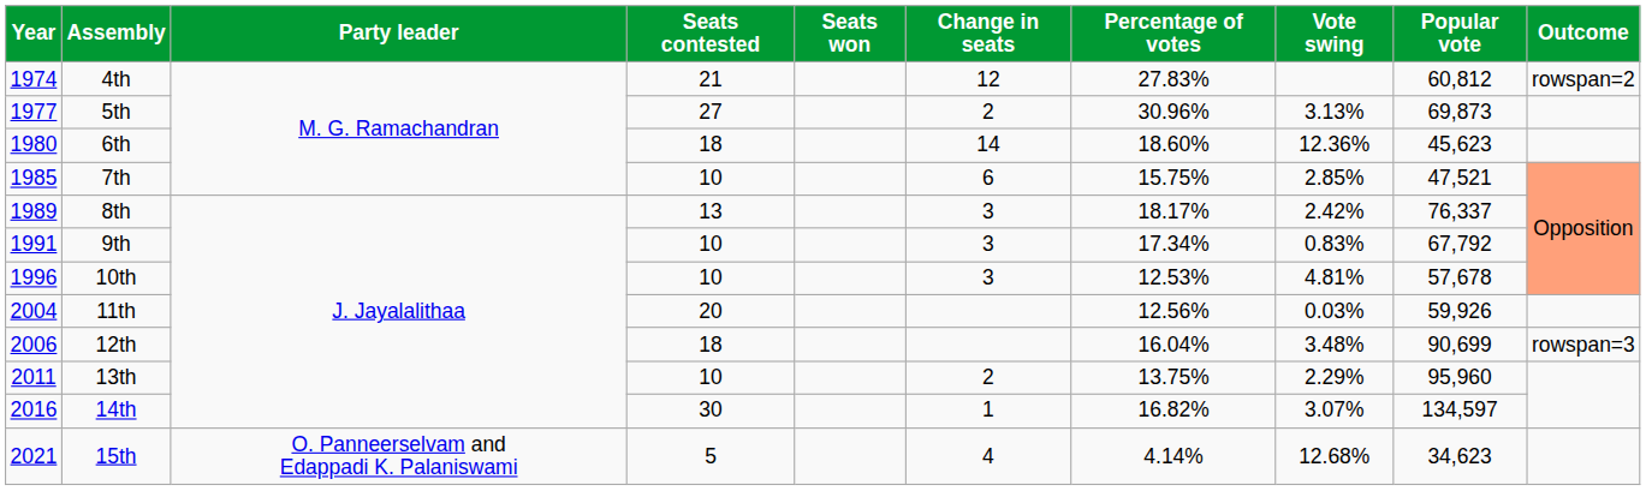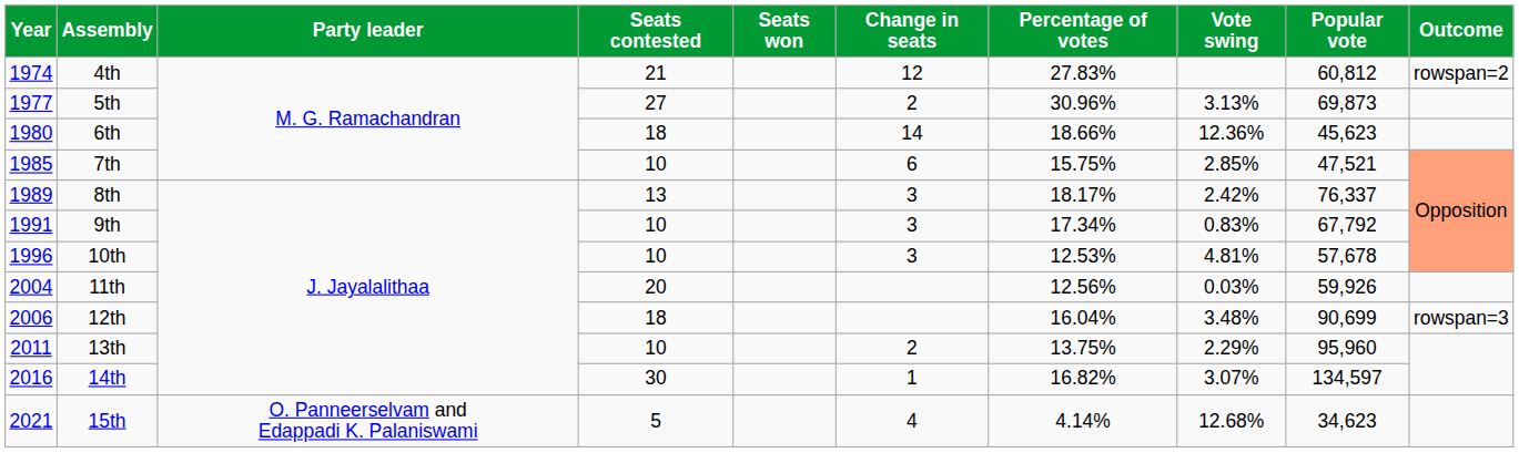 <table class="wikitable sortable" style="text-align:center;">
 <tr>
 <th style="background-color:#009933;color:white">Year</th>
 <th style="background-color:#009933;color:white">Assembly</th>
 <th style="background-color:#009933;color:white">Party leader</th>
 <th style="background-color:#009933;color:white">Seats contested</th>
 <th style="background-color:#009933;color:white">Seats won</th>
 <th style="background-color:#009933;color:white">Change in seats</th>
 <th style="background-color:#009933;color:white">Percentage of votes</th>
 <th style="background-color:#009933;color:white">Vote swing</th>
 <th style="background-color:#009933;color:white">Popular vote</th>
 <th style="background-color:#009933;color:white">Outcome</th>
 </tr>
 <tr>
 <td><a href='#'>1974</a></td>
 <td>4th</td>
 <td rowspan=4><a href='#'>M. G. Ramachandran</a></td>
 <td>21</td>
 <td></td>
 <td> 12</td>
 <td>27.83%</td>
 <td></td>
 <td>60,812</td>
 <td>rowspan=2 </td>
 </tr>
 <tr>
 <td><a href='#'>1977</a></td>
 <td>5th</td>
 <td>27</td>
 <td></td>
 <td> 2</td>
 <td>30.96%</td>
 <td> 3.13%</td>
 <td>69,873</td>
 </tr>
 <tr>
 <td><a href='#'>1980</a></td>
 <td>6th</td>
 <td>18</td>
 <td></td>
 <td> 14</td>
-<td>18.60%</td>
+<td>18.66%</td>
 <td> 12.36%</td>
 <td>45,623</td>
 <td></td>
 </tr>
 <tr>
 <td><a href='#'>1985</a></td>
 <td>7th</td>
 <td>10</td>
 <td></td>
 <td> 6</td>
 <td>15.75%</td>
 <td> 2.85%</td>
 <td>47,521</td>
 <td rowspan=4 style="background:#FFA07A;">Opposition</td>
 </tr>
 <tr>
 <td><a href='#'>1989</a></td>
 <td>8th</td>
 <td rowspan=7><a href='#'>J. Jayalalithaa</a></td>
 <td>13</td>
 <td></td>
 <td> 3</td>
 <td>18.17%</td>
 <td> 2.42%</td>
 <td>76,337</td>
 </tr>
 <tr>
 <td><a href='#'>1991</a></td>
 <td>9th</td>
 <td>10</td>
 <td></td>
 <td> 3</td>
 <td>17.34%</td>
 <td> 0.83%</td>
 <td>67,792</td>
 </tr>
 <tr>
 <td><a href='#'>1996</a></td>
 <td>10th</td>
 <td>10</td>
 <td></td>
 <td> 3</td>
 <td>12.53%</td>
 <td> 4.81%</td>
 <td>57,678</td>
 </tr>
 <tr>
 <td><a href='#'>2004</a></td>
 <td>11th</td>
 <td>20</td>
 <td></td>
 <td></td>
 <td>12.56%</td>
 <td> 0.03%</td>
 <td>59,926</td>
 <td></td>
 </tr>
 <tr>
 <td><a href='#'>2006</a></td>
 <td>12th</td>
 <td>18</td>
 <td></td>
 <td></td>
 <td>16.04%</td>
 <td> 3.48%</td>
 <td>90,699</td>
 <td>rowspan=3 </td>
 </tr>
 <tr>
 <td><a href='#'>2011</a></td>
 <td>13th</td>
 <td>10</td>
 <td></td>
 <td> 2</td>
 <td>13.75%</td>
 <td> 2.29%</td>
 <td>95,960</td>
 </tr>
 <tr>
 <td><a href='#'>2016</a></td>
 <td><a href='#'>14th</a></td>
 <td>30</td>
 <td></td>
 <td> 1</td>
 <td>16.82%</td>
 <td> 3.07%</td>
 <td>134,597</td>
 </tr>
 <tr>
 <td><a href='#'>2021</a></td>
 <td><a href='#'>15th</a></td>
 <td><a href='#'>O. Panneerselvam</a> and <a href='#'>Edappadi&nbsp;K.&nbsp;Palaniswami</a></td>
 <td>5</td>
 <td></td>
 <td> 4</td>
 <td>4.14%</td>
 <td> 12.68%</td>
 <td>34,623</td>
 <td></td>
 </tr>
 </table>
